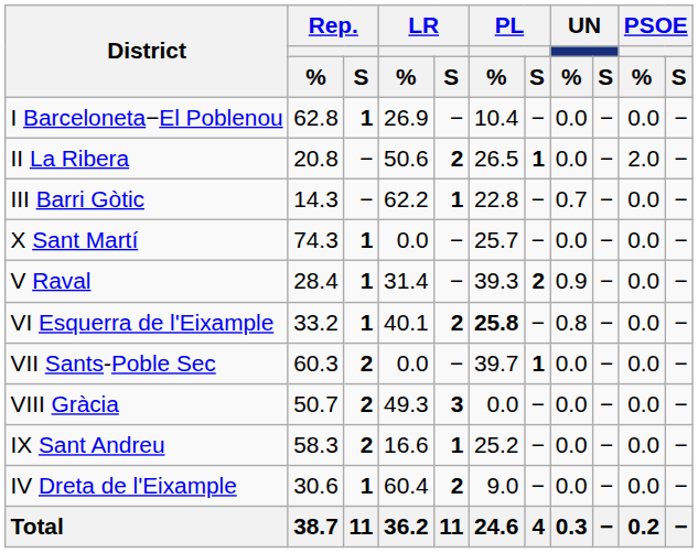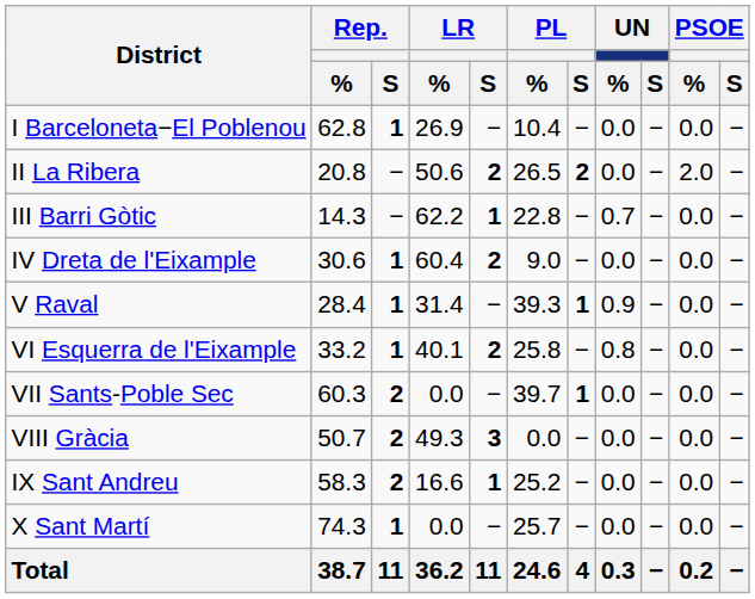 <table class='wikitable sortable' style='text-align:right; font-size:95%; line-height:20px;'>
 <tr>
 <th rowspan='3'>District</th>
 <th colspan='2' width='30px'><a href='#'>Rep.</a></th>
 <th colspan='2' width='30px'><a href='#'>LR</a></th>
 <th colspan='2' width='30px'><a href='#'>PL</a></th>
 <th colspan='2' width='30px'>UN</th>
 <th colspan='2' width='30px'><a href='#'>PSOE</a></th>
 </tr>
 <tr>
 <th colspan='2' style='background:'></th>
 <th colspan='2' style='background:'></th>
 <th colspan='2' style='background:'></th>
 <th colspan='2' style='background:#18307B'></th>
 <th colspan='2' style='background:'></th>
 </tr>
 <tr>
 <th data-sort-type='number'>%</th>
 <th data-sort-type='number'>S</th>
 <th data-sort-type='number'>%</th>
 <th data-sort-type='number'>S</th>
 <th data-sort-type='number'>%</th>
 <th data-sort-type='number'>S</th>
 <th data-sort-type='number'>%</th>
 <th data-sort-type='number'>S</th>
 <th data-sort-type='number'>%</th>
 <th data-sort-type='number'>S</th>
 </tr>
 <tr>
 <td style='text-align: left;'>I <a href='#'>Barceloneta</a>−<a href='#'>El Poblenou</a></td>
 <td style='text-align: right;'>62.8</td>
 <td style='text-align: right;'><strong>1</strong></td>
 <td style='text-align: right;'>26.9</td>
 <td style='text-align: right;'>−</td>
 <td style='text-align: right;'>10.4</td>
 <td style='text-align: right;'>−</td>
 <td style='text-align: right;'>0.0</td>
 <td style='text-align: right;'>−</td>
 <td style='text-align: right;'>0.0</td>
 <td style='text-align: right;'>−</td>
 </tr>
 <tr>
 <td style='text-align: left;'>II <a href='#'>La Ribera</a></td>
 <td style='text-align: right;'>20.8</td>
 <td style='text-align: right;'>−</td>
 <td style='text-align: right;'>50.6</td>
 <td style='text-align: right;'><strong>2</strong></td>
 <td style='text-align: right;'>26.5</td>
-<td style='text-align: right;'><strong>1</strong></td>
+<td style='text-align: right;'><strong>2</strong></td>
 <td style='text-align: right;'>0.0</td>
 <td style='text-align: right;'>−</td>
 <td style='text-align: right;'>2.0</td>
 <td style='text-align: right;'>−</td>
 </tr>
 <tr>
 <td style='text-align: left;'>III <a href='#'>Barri Gòtic</a></td>
 <td style='text-align: right;'>14.3</td>
 <td style='text-align: right;'>−</td>
 <td style='text-align: right;'>62.2</td>
 <td style='text-align: right;'><strong>1</strong></td>
 <td style='text-align: right;'>22.8</td>
 <td style='text-align: right;'>−</td>
 <td style='text-align: right;'>0.7</td>
 <td style='text-align: right;'>−</td>
 <td style='text-align: right;'>0.0</td>
 <td style='text-align: right;'>−</td>
 </tr>
 <tr>
-<td style='text-align: left;'>X <a href='#'>Sant Martí</a></td>
-<td style='text-align: right;'>74.3</td>
+<td style='text-align: left;'>IV <a href='#'>Dreta de l'Eixample</a></td>
+<td style='text-align: right;'>30.6</td>
 <td style='text-align: right;'><strong>1</strong></td>
-<td style='text-align: right;'>0.0</td>
-<td style='text-align: right;'>−</td>
-<td style='text-align: right;'>25.7</td>
+<td style='text-align: right;'>60.4</td>
+<td style='text-align: right;'><strong>2</strong></td>
+<td style='text-align: right;'>9.0</td>
 <td style='text-align: right;'>−</td>
 <td style='text-align: right;'>0.0</td>
 <td style='text-align: right;'>−</td>
 <td style='text-align: right;'>0.0</td>
 <td style='text-align: right;'>−</td>
 </tr>
 <tr>
 <td style='text-align: left;'>V <a href='#'>Raval</a></td>
 <td style='text-align: right;'>28.4</td>
 <td style='text-align: right;'><strong>1</strong></td>
 <td style='text-align: right;'>31.4</td>
 <td style='text-align: right;'>−</td>
 <td style='text-align: right;'>39.3</td>
-<td style='text-align: right;'><strong>2</strong></td>
+<td style='text-align: right;'><strong>1</strong></td>
 <td style='text-align: right;'>0.9</td>
 <td style='text-align: right;'>−</td>
 <td style='text-align: right;'>0.0</td>
 <td style='text-align: right;'>−</td>
 </tr>
 <tr>
 <td style='text-align: left;'>VI <a href='#'>Esquerra de l'Eixample</a></td>
 <td style='text-align: right;'>33.2</td>
 <td style='text-align: right;'><strong>1</strong></td>
 <td style='text-align: right;'>40.1</td>
 <td style='text-align: right;'><strong>2</strong></td>
-<td style='text-align: right;'><strong>25.8</strong></td>
+<td style='text-align: right;'>25.8</td>
 <td style='text-align: right;'>−</td>
 <td style='text-align: right;'>0.8</td>
 <td style='text-align: right;'>−</td>
 <td style='text-align: right;'>0.0</td>
 <td style='text-align: right;'>−</td>
 </tr>
 <tr>
 <td style='text-align: left;'>VII <a href='#'>Sants</a>-<a href='#'>Poble Sec</a></td>
 <td style='text-align: right;'>60.3</td>
 <td style='text-align: right;'><strong>2</strong></td>
 <td style='text-align: right;'>0.0</td>
 <td style='text-align: right;'>−</td>
 <td style='text-align: right;'>39.7</td>
 <td style='text-align: right;'><strong>1</strong></td>
 <td style='text-align: right;'>0.0</td>
 <td style='text-align: right;'>−</td>
 <td style='text-align: right;'>0.0</td>
 <td style='text-align: right;'>−</td>
 </tr>
 <tr>
 <td style='text-align: left;'>VIII <a href='#'>Gràcia</a></td>
 <td style='text-align: right;'>50.7</td>
 <td style='text-align: right;'><strong>2</strong></td>
 <td style='text-align: right;'>49.3</td>
 <td style='text-align: right;'><strong>3</strong></td>
 <td style='text-align: right;'>0.0</td>
 <td style='text-align: right;'>−</td>
 <td style='text-align: right;'>0.0</td>
 <td style='text-align: right;'>−</td>
 <td style='text-align: right;'>0.0</td>
 <td style='text-align: right;'>−</td>
 </tr>
 <tr>
 <td style='text-align: left;'>IX <a href='#'>Sant Andreu</a></td>
 <td style='text-align: right;'>58.3</td>
 <td style='text-align: right;'><strong>2</strong></td>
 <td style='text-align: right;'>16.6</td>
 <td style='text-align: right;'><strong>1</strong></td>
 <td style='text-align: right;'>25.2</td>
 <td style='text-align: right;'>−</td>
 <td style='text-align: right;'>0.0</td>
 <td style='text-align: right;'>−</td>
 <td style='text-align: right;'>0.0</td>
 <td style='text-align: right;'>−</td>
 </tr>
 <tr>
-<td style='text-align: left;'>IV <a href='#'>Dreta de l'Eixample</a></td>
-<td style='text-align: right;'>30.6</td>
+<td style='text-align: left;'>X <a href='#'>Sant Martí</a></td>
+<td style='text-align: right;'>74.3</td>
 <td style='text-align: right;'><strong>1</strong></td>
-<td style='text-align: right;'>60.4</td>
-<td style='text-align: right;'><strong>2</strong></td>
-<td style='text-align: right;'>9.0</td>
+<td style='text-align: right;'>0.0</td>
+<td style='text-align: right;'>−</td>
+<td style='text-align: right;'>25.7</td>
 <td style='text-align: right;'>−</td>
 <td style='text-align: right;'>0.0</td>
 <td style='text-align: right;'>−</td>
 <td style='text-align: right;'>0.0</td>
 <td style='text-align: right;'>−</td>
 </tr>
 <tr>
 <th style='text-align: left;'>Total</th>
 <th style='text-align: right;'>38.7</th>
 <th style='text-align: right;'><strong>11</strong></th>
 <th style='text-align: right;'>36.2</th>
 <th style='text-align: right;'><strong>11</strong></th>
 <th style='text-align: right;'>24.6</th>
 <th style='text-align: right;'><strong>4</strong></th>
 <th style='text-align: right;'>0.3</th>
 <th style='text-align: right;'>−</th>
 <th style='text-align: right;'>0.2</th>
 <th style='text-align: right;'>−</th>
 </tr>
 </table>
